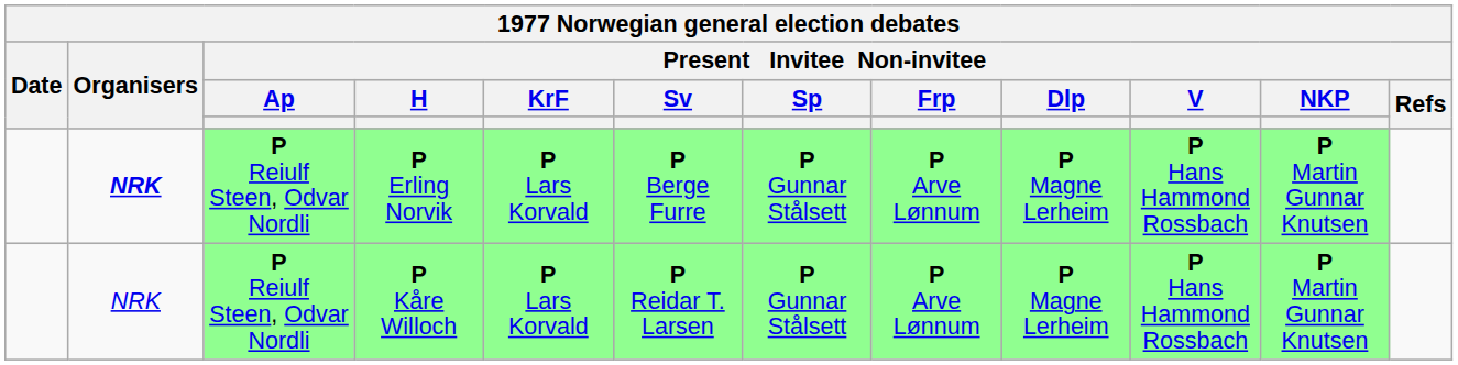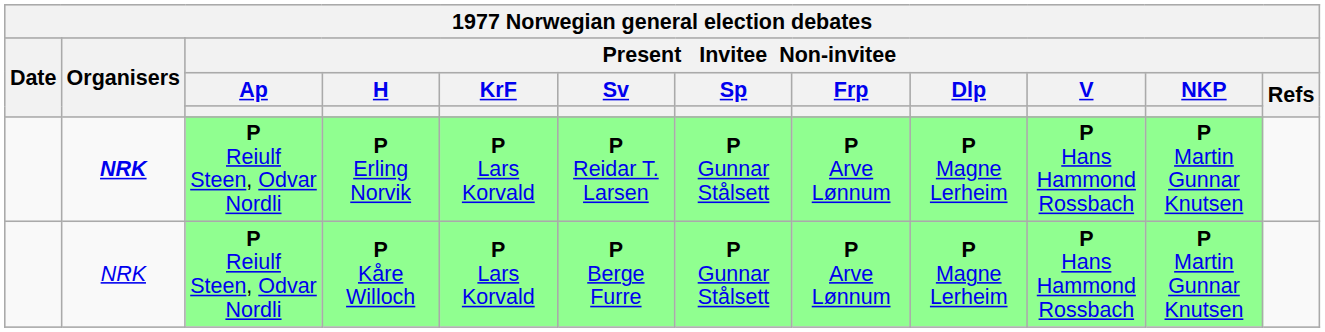 <table class="wikitable" style="font-size:85%; line-height:15px; text-align:center;">
 <tr>
 <th colspan="13">1977 Norwegian general election debates</th>
 </tr>
 <tr>
 <th rowspan="3">Date</th>
 <th rowspan="3">Organisers</th>
 <th colspan="10"> Present    Invitee  Non-invitee </th>
 </tr>
 <tr>
 <th scope="col" style="width:5em;"><a href='#'>Ap</a></th>
 <th scope="col" style="width:5em;"><a href='#'>H</a></th>
 <th scope="col" style="width:5em;"><a href='#'>KrF</a></th>
 <th scope="col" style="width:5em;"><a href='#'>Sv</a></th>
 <th scope="col" style="width:5em;"><a href='#'>Sp</a></th>
 <th scope="col" style="width:5em;"><a href='#'>Frp</a></th>
 <th scope="col" style="width:5em;"><a href='#'>Dlp</a></th>
 <th scope="col" style="width:5em;"><a href='#'>V</a></th>
 <th scope="col" style="width:5em;"><a href='#'>NKP</a></th>
 <th rowspan="2">Refs</th>
 </tr>
 <tr>
 <th style="background:"></th>
 <th style="background:"></th>
 <th style="background:"></th>
 <th style="background:"></th>
 <th style="background:"></th>
 <th style="background:"></th>
 <th style="background:"></th>
 <th style="background:"></th>
 <th style="background:"></th>
 </tr>
 <tr>
 <td></td>
 <td><strong><em><a href='#'>NRK</a></em></strong></td>
 <td style="background:#90FF90"><strong>P</strong><br><a href='#'>Reiulf Steen</a>, <a href='#'>Odvar Nordli</a></td>
 <td style="background:#90FF90"><strong>P</strong><br><a href='#'>Erling Norvik</a></td>
 <td style="background:#90FF90"><strong>P</strong><br><a href='#'>Lars Korvald</a></td>
-<td style="background:#90FF90"><strong>P</strong><br><a href='#'>Berge Furre</a></td>
+<td style="background:#90FF90"><strong>P</strong><br><a href='#'>Reidar T. Larsen</a></td>
 <td style="background:#90FF90"><strong>P</strong><br><a href='#'>Gunnar Stålsett</a></td>
 <td style="background:#90FF90"><strong>P</strong><br><a href='#'>Arve Lønnum</a></td>
 <td style="background:#90FF90"><strong>P</strong><br><a href='#'>Magne Lerheim</a></td>
 <td style="background:#90FF90"><strong>P</strong><br><a href='#'>Hans Hammond Rossbach</a></td>
 <td style="background:#90FF90"><strong>P</strong><br><a href='#'>Martin Gunnar Knutsen</a></td>
 <td></td>
 </tr>
 <tr>
 <td></td>
 <td><em><a href='#'>NRK</a></em></td>
 <td style="background:#90FF90"><strong>P</strong><br><a href='#'>Reiulf Steen</a>, <a href='#'>Odvar Nordli</a></td>
 <td style="background:#90FF90"><strong>P</strong><br><a href='#'>Kåre Willoch</a></td>
 <td style="background:#90FF90"><strong>P</strong><br><a href='#'>Lars Korvald</a></td>
-<td style="background:#90FF90"><strong>P</strong><br><a href='#'>Reidar T. Larsen</a></td>
+<td style="background:#90FF90"><strong>P</strong><br><a href='#'>Berge Furre</a></td>
 <td style="background:#90FF90"><strong>P</strong><br><a href='#'>Gunnar Stålsett</a></td>
 <td style="background:#90FF90"><strong>P</strong><br><a href='#'>Arve Lønnum</a></td>
 <td style="background:#90FF90"><strong>P</strong><br><a href='#'>Magne Lerheim</a></td>
 <td style="background:#90FF90"><strong>P</strong><br><a href='#'>Hans Hammond Rossbach</a></td>
 <td style="background:#90FF90"><strong>P</strong><br><a href='#'>Martin Gunnar Knutsen</a></td>
 <td></td>
 </tr>
 </table>
